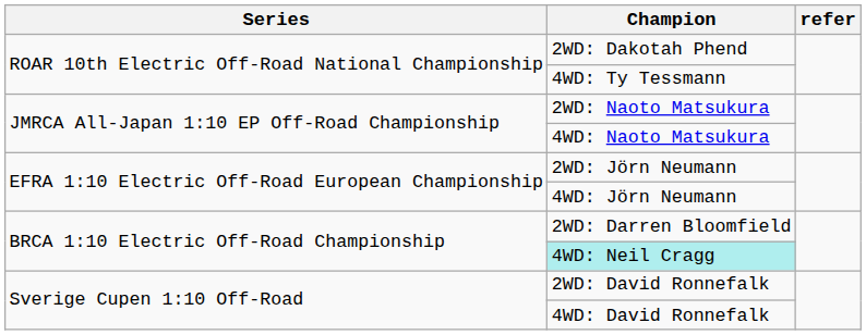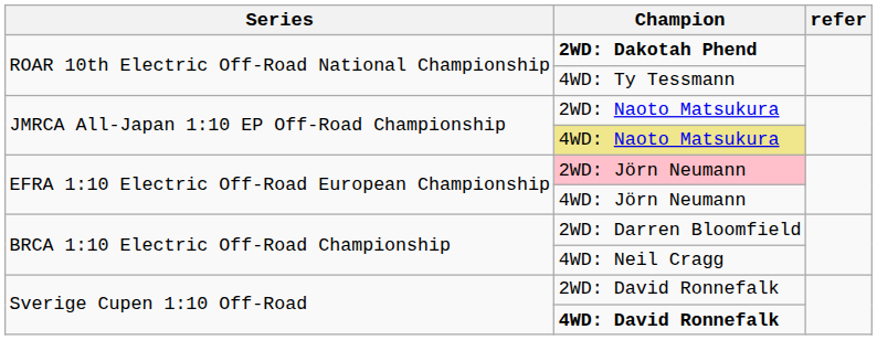 <table class="wikitable">
 <tr style="font-size:10pt;font-weight:bold">
 <th>Series</th>
 <th>Champion</th>
 <th>refer</th>
 </tr>
 <tr>
 <td rowspan=2>ROAR 10th Electric Off-Road National Championship</td>
-<td>2WD:  Dakotah Phend</td>
+<td><strong>2WD:  Dakotah Phend</strong></td>
 <td rowspan=2></td>
 </tr>
 <tr>
 <td>4WD:  Ty Tessmann</td>
 </tr>
 <tr>
 <td rowspan=2>JMRCA All-Japan 1:10 EP Off-Road Championship</td>
 <td>2WD:  <a href='#'>Naoto Matsukura</a></td>
 <td rowspan=2></td>
 </tr>
 <tr>
-<td>4WD:  <a href='#'>Naoto Matsukura</a></td>
+<td style="background: khaki;">4WD:  <a href='#'>Naoto Matsukura</a></td>
 </tr>
 <tr>
 <td rowspan=2>EFRA 1:10 Electric Off-Road European Championship</td>
-<td>2WD:  Jörn Neumann</td>
+<td style="background: pink;">2WD:  Jörn Neumann</td>
 <td rowspan=2></td>
 </tr>
 <tr>
 <td>4WD:  Jörn Neumann</td>
 </tr>
 <tr>
 <td rowspan=2>BRCA 1:10 Electric Off-Road Championship</td>
 <td>2WD:  Darren Bloomfield</td>
 <td rowspan=2></td>
 </tr>
 <tr>
-<td style="background: paleturquoise;">4WD:  Neil Cragg</td>
+<td>4WD:  Neil Cragg</td>
 </tr>
 <tr>
 <td rowspan=2>Sverige Cupen 1:10 Off-Road</td>
 <td>2WD:  David Ronnefalk</td>
 <td rowspan=2></td>
 </tr>
 <tr>
-<td>4WD:  David Ronnefalk</td>
+<td><strong>4WD:  David Ronnefalk</strong></td>
 </tr>
 </table>
